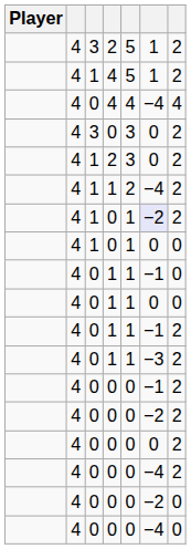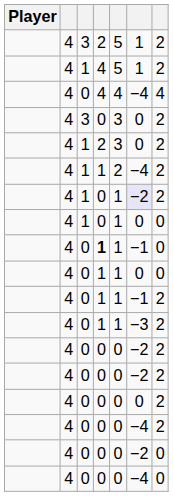 <table class="wikitable sortable" style="text-align:center;">
 <tr>
 <th>Player</th>
 <th></th>
 <th></th>
 <th></th>
 <th></th>
 <th data-sort-type="number"></th>
 <th></th>
 </tr>
 <tr>
 <td></td>
 <td>4</td>
 <td>3</td>
 <td>2</td>
 <td>5</td>
 <td>1</td>
 <td>2</td>
 </tr>
 <tr>
 <td></td>
 <td>4</td>
 <td>1</td>
 <td>4</td>
 <td>5</td>
 <td>1</td>
 <td>2</td>
 </tr>
 <tr>
 <td></td>
 <td>4</td>
 <td>0</td>
 <td>4</td>
 <td>4</td>
 <td>−4</td>
 <td>4</td>
 </tr>
 <tr>
 <td></td>
 <td>4</td>
 <td>3</td>
 <td>0</td>
 <td>3</td>
 <td>0</td>
 <td>2</td>
 </tr>
 <tr>
 <td></td>
 <td>4</td>
 <td>1</td>
 <td>2</td>
 <td>3</td>
 <td>0</td>
 <td>2</td>
 </tr>
 <tr>
 <td></td>
 <td>4</td>
 <td>1</td>
 <td>1</td>
 <td>2</td>
 <td>−4</td>
 <td>2</td>
 </tr>
 <tr>
 <td></td>
 <td>4</td>
 <td>1</td>
 <td>0</td>
 <td>1</td>
 <td style="background: lavender;">−2</td>
 <td>2</td>
 </tr>
 <tr>
 <td></td>
 <td>4</td>
 <td>1</td>
 <td>0</td>
 <td>1</td>
 <td>0</td>
 <td>0</td>
 </tr>
 <tr>
 <td></td>
 <td>4</td>
 <td>0</td>
-<td>1</td>
+<td><strong>1</strong></td>
 <td>1</td>
 <td>−1</td>
 <td>0</td>
 </tr>
 <tr>
 <td></td>
 <td>4</td>
 <td>0</td>
 <td>1</td>
 <td>1</td>
 <td>0</td>
 <td>0</td>
 </tr>
 <tr>
 <td></td>
 <td>4</td>
 <td>0</td>
 <td>1</td>
 <td>1</td>
 <td>−1</td>
 <td>2</td>
 </tr>
 <tr>
 <td></td>
 <td>4</td>
 <td>0</td>
 <td>1</td>
 <td>1</td>
 <td>−3</td>
 <td>2</td>
 </tr>
 <tr>
 <td></td>
 <td>4</td>
 <td>0</td>
 <td>0</td>
 <td>0</td>
-<td>−1</td>
+<td>−2</td>
 <td>2</td>
 </tr>
 <tr>
 <td></td>
 <td>4</td>
 <td>0</td>
 <td>0</td>
 <td>0</td>
 <td>−2</td>
 <td>2</td>
 </tr>
 <tr>
 <td></td>
 <td>4</td>
 <td>0</td>
 <td>0</td>
 <td>0</td>
 <td>0</td>
 <td>2</td>
 </tr>
 <tr>
 <td></td>
 <td>4</td>
 <td>0</td>
 <td>0</td>
 <td>0</td>
 <td>−4</td>
 <td>2</td>
 </tr>
 <tr>
 <td></td>
 <td>4</td>
 <td>0</td>
 <td>0</td>
 <td>0</td>
 <td>−2</td>
 <td>0</td>
 </tr>
 <tr>
 <td></td>
 <td>4</td>
 <td>0</td>
 <td>0</td>
 <td>0</td>
 <td>−4</td>
 <td>0</td>
 </tr>
 </table>
